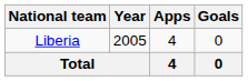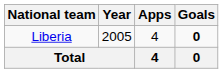 <table class=wikitable style=text-align:center>
 <tr>
 <th>National team</th>
 <th>Year</th>
 <th>Apps</th>
 <th>Goals</th>
 </tr>
 <tr>
 <td rowspan="1"><a href='#'>Liberia</a></td>
 <td>2005</td>
 <td>4</td>
-<td>0</td>
+<td><strong>0</strong></td>
 </tr>
 <tr>
 <th colspan=2>Total</th>
 <th>4</th>
 <th>0</th>
 </tr>
 </table>
